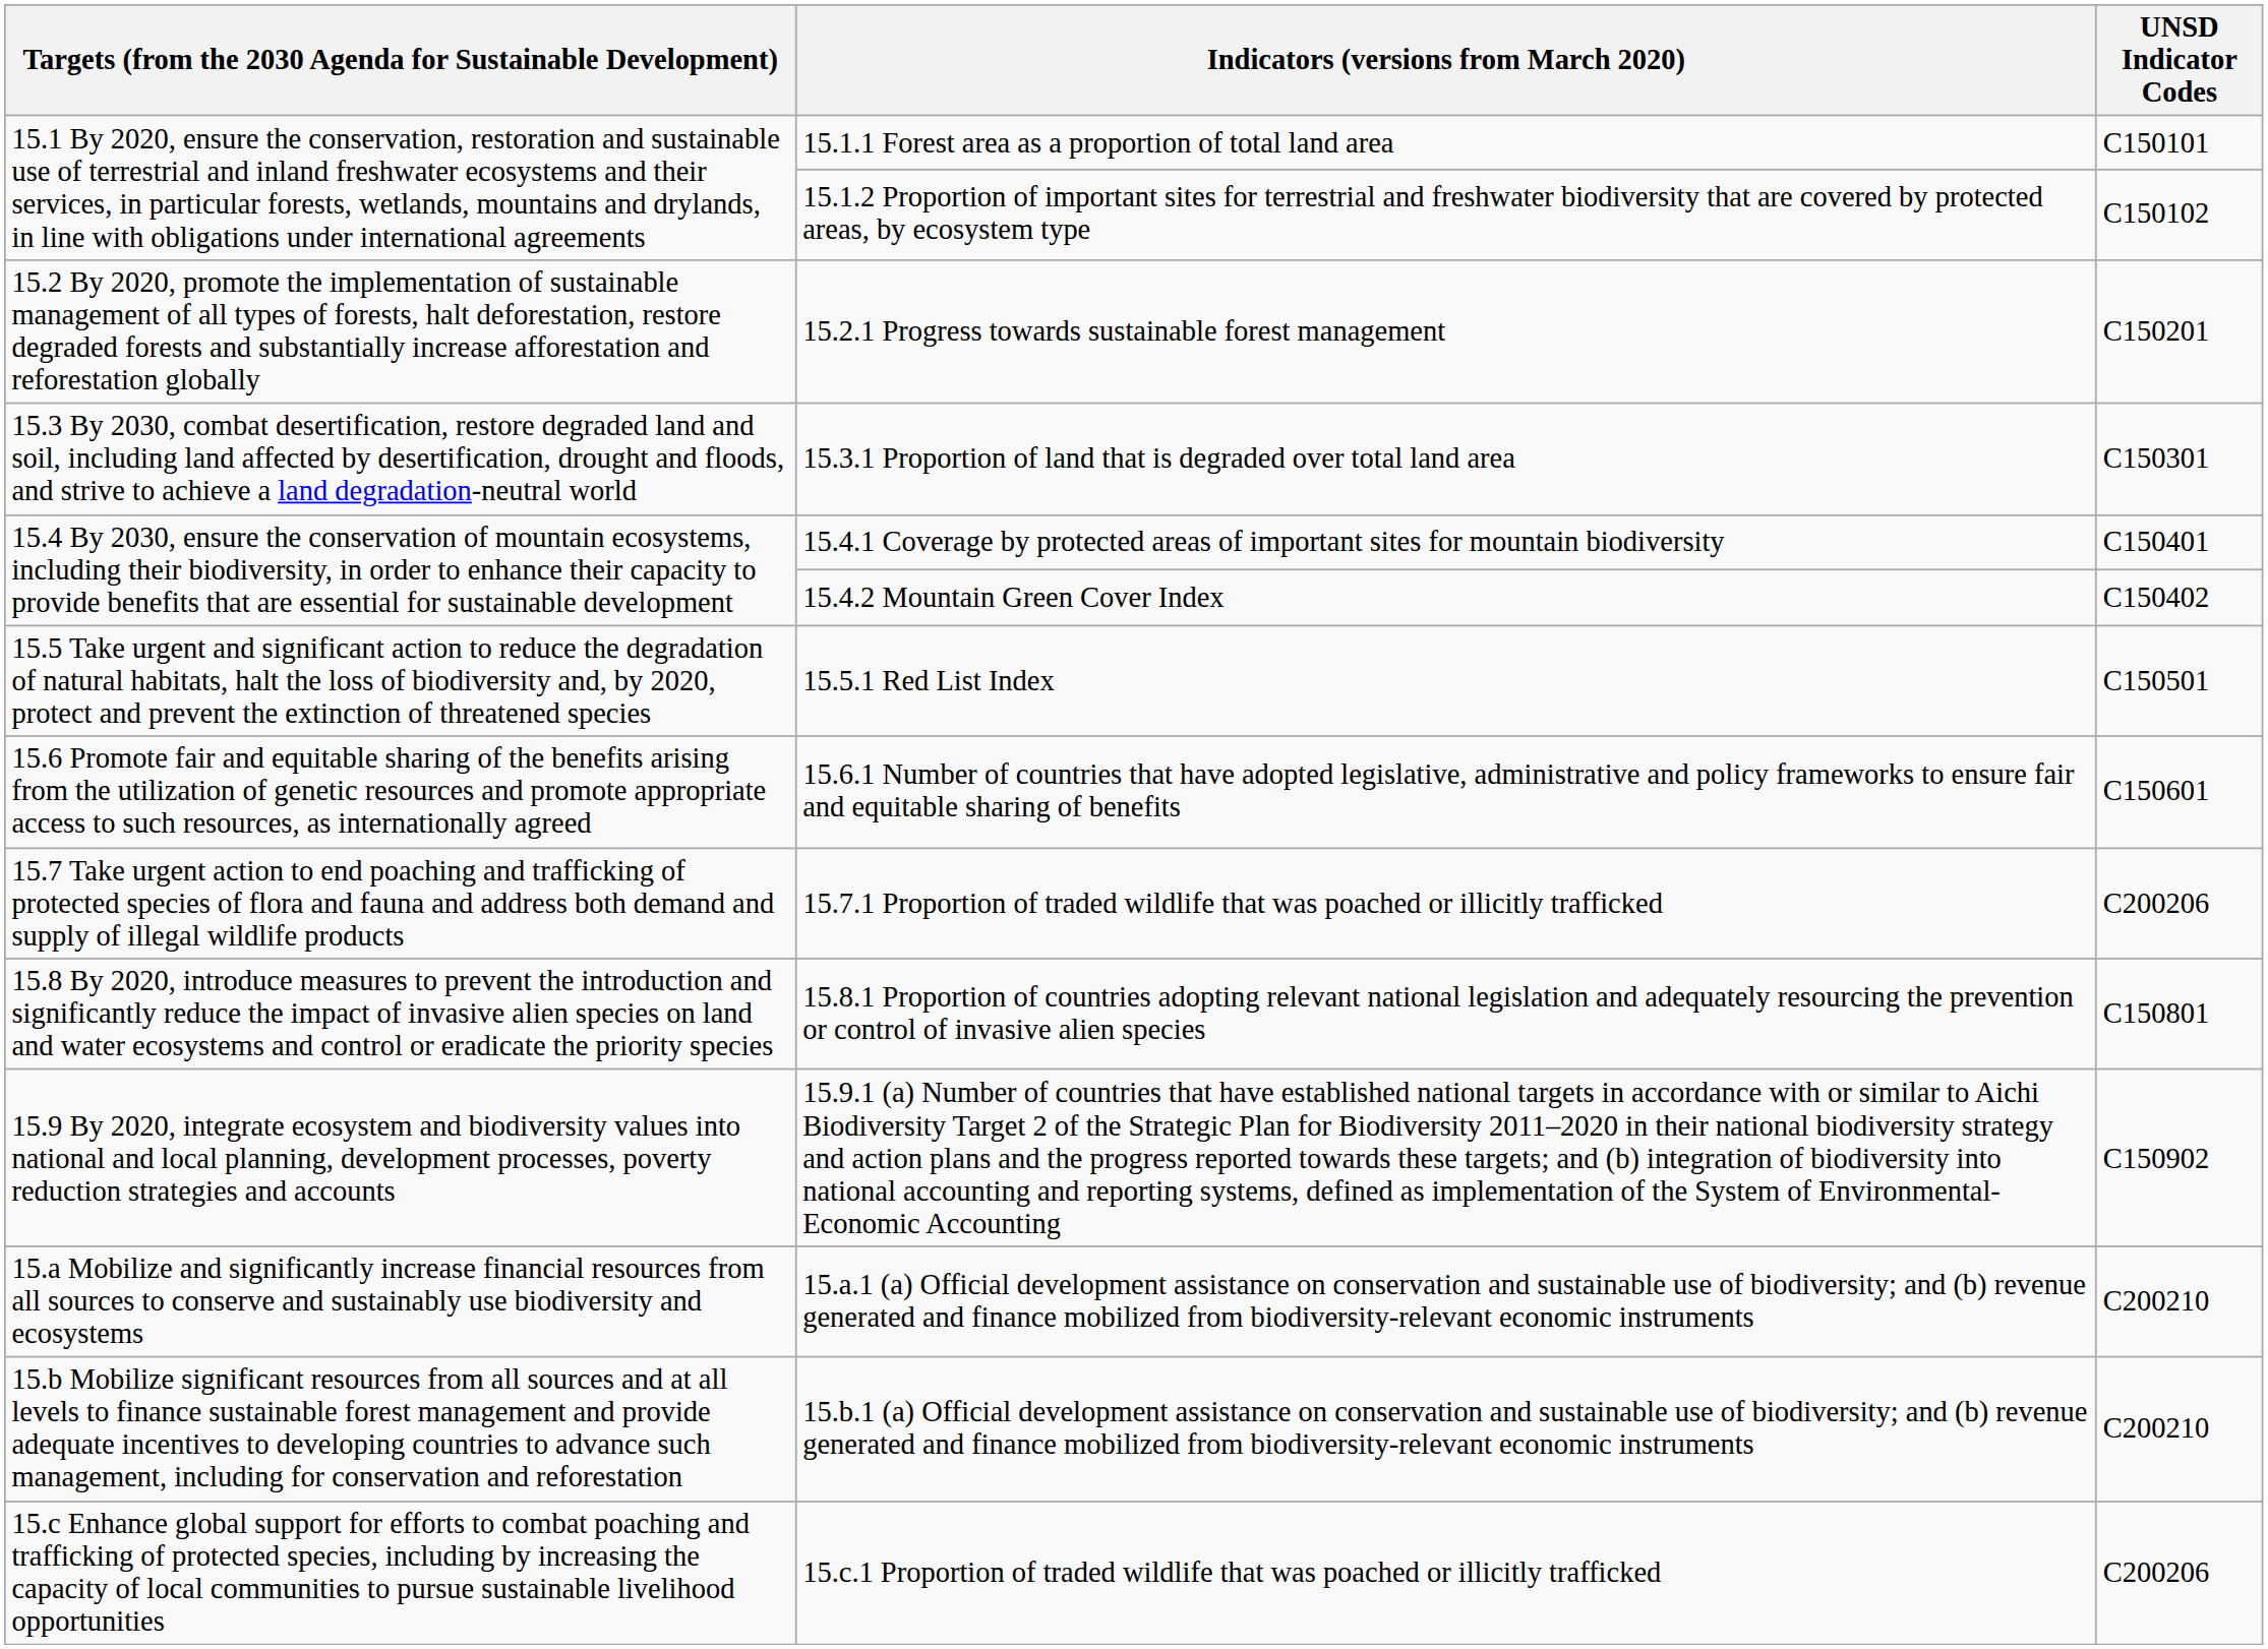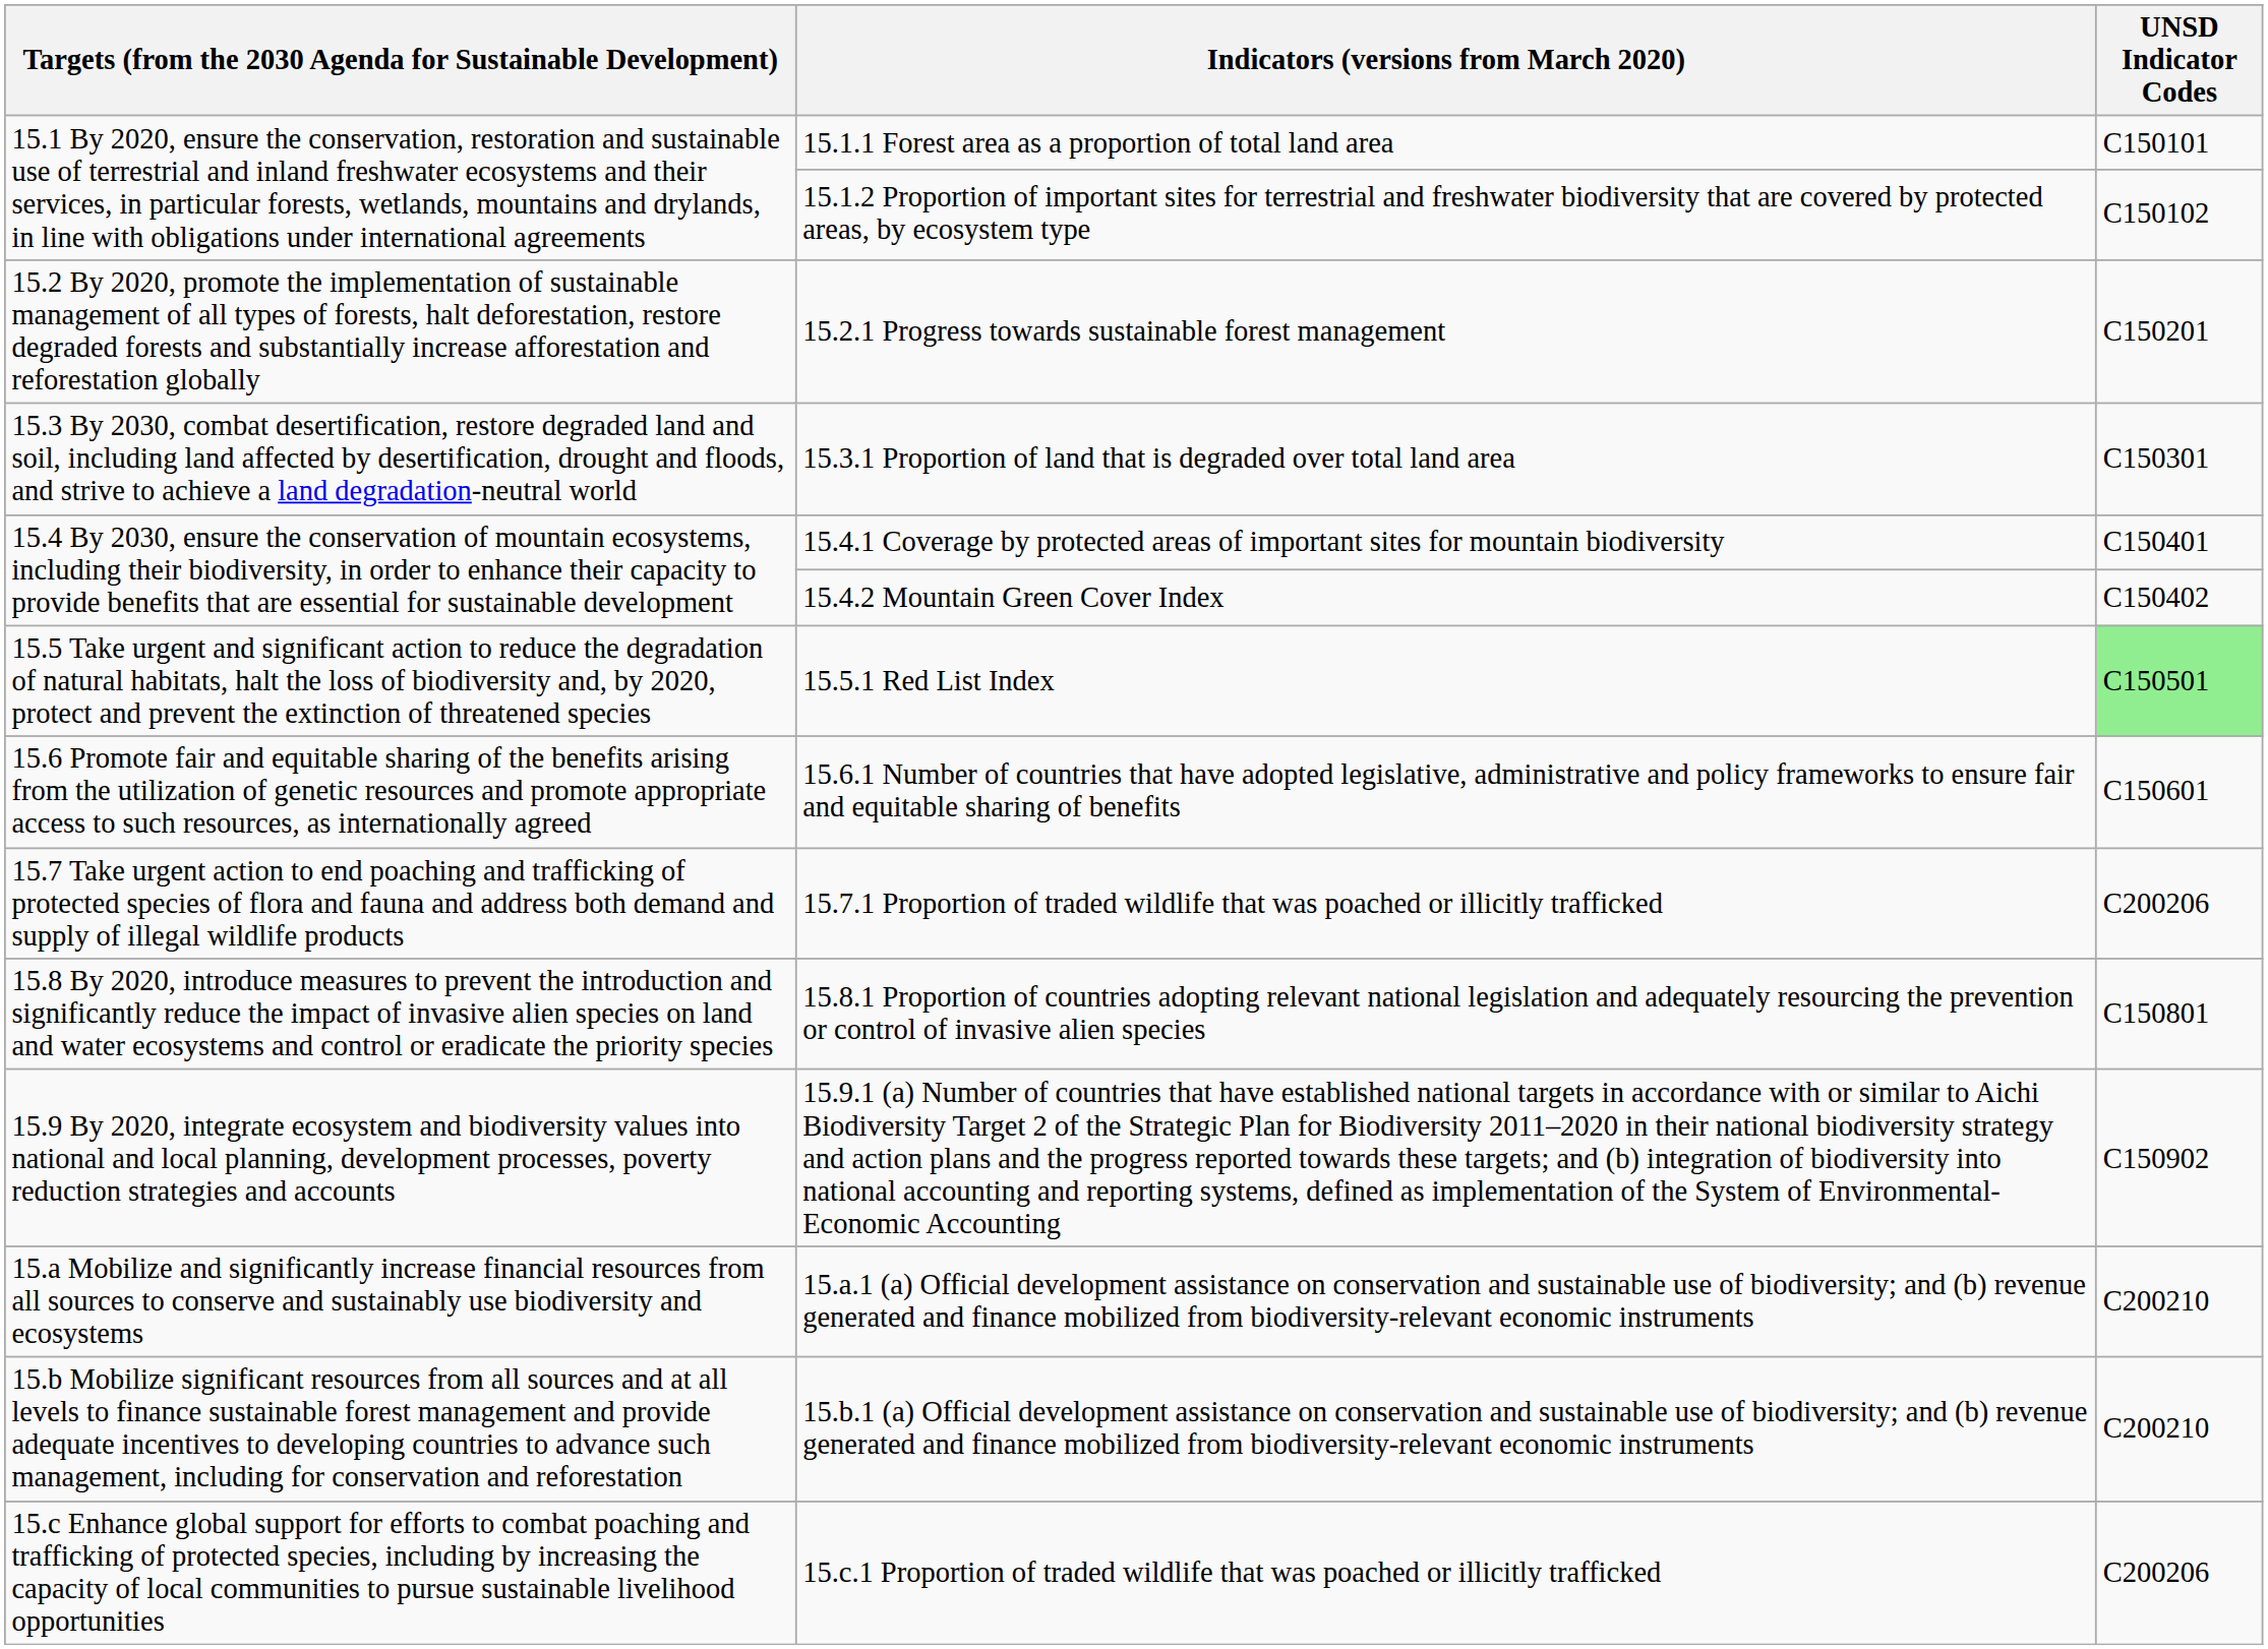 <table class="wikitable">
 <tr>
 <th>Targets (from the 2030 Agenda for Sustainable Development)</th>
 <th>Indicators (versions from March 2020)</th>
 <th>UNSD Indicator Codes </th>
 </tr>
 <tr>
 <td colspan="1" rowspan="2">15.1 By 2020, ensure the conservation, restoration and sustainable use of terrestrial and inland freshwater ecosystems and their services, in particular forests, wetlands, mountains and drylands, in line with obligations under international agreements</td>
 <td>15.1.1 Forest area as a proportion of total land area</td>
 <td>C150101</td>
 </tr>
 <tr>
 <td>15.1.2 Proportion of important sites for terrestrial and freshwater biodiversity that are covered by protected areas, by ecosystem type</td>
 <td>C150102</td>
 </tr>
 <tr>
 <td>15.2 By 2020, promote the implementation of sustainable management of all types of forests, halt deforestation, restore degraded forests and substantially increase afforestation and reforestation globally</td>
 <td>15.2.1 Progress towards sustainable forest management</td>
 <td>C150201</td>
 </tr>
 <tr>
 <td>15.3 By 2030, combat desertification, restore degraded land and soil, including land affected by desertification, drought and floods, and strive to achieve a <a href='#'>land degradation</a>-neutral world</td>
 <td>15.3.1 Proportion of land that is degraded over total land area</td>
 <td>C150301</td>
 </tr>
 <tr>
 <td colspan="1" rowspan="2">15.4 By 2030, ensure the conservation of mountain ecosystems, including their biodiversity, in order to enhance their capacity to provide benefits that are essential for sustainable development</td>
 <td>15.4.1 Coverage by protected areas of important sites for mountain biodiversity</td>
 <td>C150401</td>
 </tr>
 <tr>
 <td>15.4.2 Mountain Green Cover Index</td>
 <td>C150402</td>
 </tr>
 <tr>
 <td>15.5 Take urgent and significant action to reduce the degradation of natural habitats, halt the loss of biodiversity and, by 2020, protect and prevent the extinction of threatened species</td>
 <td>15.5.1 Red List Index</td>
-<td>C150501</td>
+<td style="background: lightgreen;">C150501</td>
 </tr>
 <tr>
 <td>15.6 Promote fair and equitable sharing of the benefits arising from the utilization of genetic resources and promote appropriate access to such resources, as internationally agreed</td>
 <td>15.6.1 Number of countries that have adopted legislative, administrative and policy frameworks to ensure fair and equitable sharing of benefits</td>
 <td>C150601</td>
 </tr>
 <tr>
 <td>15.7 Take urgent action to end poaching and trafficking of protected species of flora and fauna and address both demand and supply of illegal wildlife products</td>
 <td>15.7.1 Proportion of traded wildlife that was poached or illicitly trafficked</td>
 <td>C200206</td>
 </tr>
 <tr>
 <td>15.8 By 2020, introduce measures to prevent the introduction and significantly reduce the impact of invasive alien species on land and water ecosystems and control or eradicate the priority species</td>
 <td>15.8.1 Proportion of countries adopting relevant national legislation and adequately resourcing the prevention or control of invasive alien species</td>
 <td>C150801</td>
 </tr>
 <tr>
 <td>15.9 By 2020, integrate ecosystem and biodiversity values into national and local planning, development processes, poverty reduction strategies and accounts</td>
 <td>15.9.1 (a) Number of countries that have established national targets in accordance with or similar to Aichi Biodiversity Target 2 of the Strategic Plan for Biodiversity 2011–2020 in their national biodiversity strategy and action plans and the progress reported towards these targets; and (b) integration of biodiversity into national accounting and reporting systems, defined as implementation of the System of Environmental-Economic Accounting</td>
 <td>C150902</td>
 </tr>
 <tr>
 <td>15.a Mobilize and significantly increase financial resources from all sources to conserve and sustainably use biodiversity and ecosystems</td>
 <td>15.a.1 (a) Official development assistance on conservation and sustainable use of biodiversity; and (b) revenue generated and finance mobilized from biodiversity-relevant economic instruments</td>
 <td>C200210</td>
 </tr>
 <tr>
 <td>15.b Mobilize significant resources from all sources and at all levels to finance sustainable forest management and provide adequate incentives to developing countries to advance such management, including for conservation and reforestation</td>
 <td>15.b.1 (a) Official development assistance on conservation and sustainable use of biodiversity; and (b) revenue generated and finance mobilized from biodiversity-relevant economic instruments</td>
 <td>C200210</td>
 </tr>
 <tr>
 <td>15.c Enhance global support for efforts to combat poaching and trafficking of protected species, including by increasing the capacity of local communities to pursue sustainable livelihood opportunities</td>
 <td>15.c.1 Proportion of traded wildlife that was poached or illicitly trafficked</td>
 <td>C200206</td>
 </tr>
 </table>
